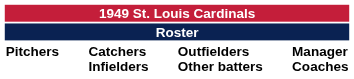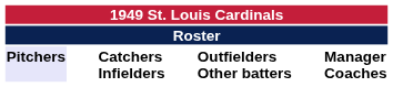 <table class="toccolours" style="font-size: 95%;">
 <tr>
 <th colspan="10" style="background-color: #c41e3a; color: white; text-align: center;">1949 St. Louis Cardinals</th>
 </tr>
 <tr>
 <td colspan="10" style="background-color: #0a2252; color: white; text-align: center;"><strong>Roster</strong></td>
 </tr>
 <tr>
-<td valign="top"><strong>Pitchers</strong><br>             </td>
+<td valign="top" style="background: lavender;"><strong>Pitchers</strong><br>             </td>
 <td width="25px"></td>
 <td valign="top"><strong>Catchers</strong><br>    <strong>Infielders</strong>          </td>
 <td width="25px"></td>
 <td valign="top"><strong>Outfielders</strong><br>       <strong>Other batters</strong>  </td>
 <td width="25px"></td>
 <td valign="top"><strong>Manager</strong><br> <strong>Coaches</strong>   </td>
 </tr>
 </table>
